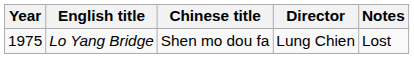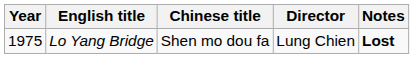 <table class="wikitable sortable">
 <tr>
 <th>Year</th>
 <th>English title</th>
 <th>Chinese title</th>
 <th>Director</th>
 <th class="unsortable">Notes</th>
 </tr>
 <tr>
 <td rowspan=2>1975</td>
 <td><em>Lo Yang Bridge</em></td>
 <td>Shen mo dou fa</td>
 <td>Lung Chien</td>
-<td>Lost</td>
+<td><strong>Lost</strong></td>
 </tr>
 </table>
